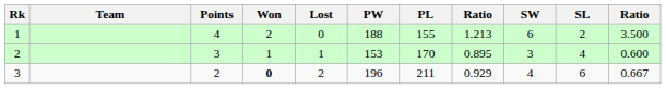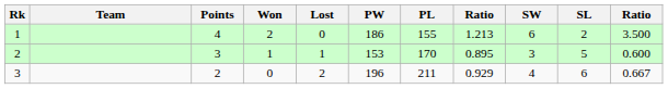 <table class=wikitable style=text-align:center>
 <tr>
 <th width=25>Rk</th>
 <th width=200>Team</th>
 <th width=60>Points</th>
 <th width=60>Won</th>
 <th width=60>Lost</th>
 <th width=60>PW</th>
 <th width=60>PL</th>
 <th width=60>Ratio</th>
 <th width=60>SW</th>
 <th width=60>SL</th>
 <th width=60>Ratio</th>
 </tr>
 <tr bgcolor=#ccffcc>
 <td>1</td>
 <td align=left></td>
 <td>4</td>
 <td>2</td>
 <td>0</td>
-<td>188</td>
+<td>186</td>
 <td>155</td>
 <td>1.213</td>
 <td>6</td>
 <td>2</td>
 <td>3.500</td>
 </tr>
 <tr bgcolor=#ccffcc>
 <td>2</td>
 <td align=left></td>
 <td>3</td>
 <td>1</td>
 <td>1</td>
 <td>153</td>
 <td>170</td>
 <td>0.895</td>
 <td>3</td>
-<td>4</td>
+<td>5</td>
 <td>0.600</td>
 </tr>
 <tr>
 <td>3</td>
 <td align=left></td>
 <td>2</td>
-<td><strong>0</strong></td>
+<td>0</td>
 <td>2</td>
 <td>196</td>
 <td>211</td>
 <td>0.929</td>
 <td>4</td>
 <td>6</td>
 <td>0.667</td>
 </tr>
 </table>
